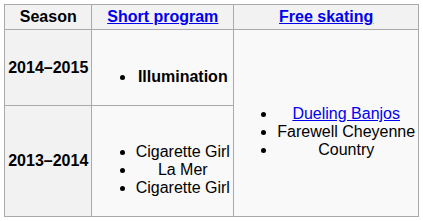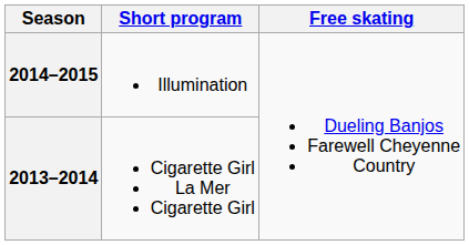 <table class=wikitable style=text-align:center>
 <tr>
 <th>Season</th>
 <th><a href='#'>Short program</a></th>
 <th><a href='#'>Free skating</a></th>
 </tr>
 <tr>
 <th>2014–2015 <br> </th>
-<td><strong><br><ul><li>Illumination <br></li></ul></strong></td>
+<td><br><ul><li>Illumination <br></li></ul></td>
 <td rowspan=2><br><ul><li><a href='#'>Dueling Banjos</a></li><li>Farewell Cheyenne <br></li><li>Country <br></li></ul></td>
 </tr>
 <tr>
 <th>2013–2014 <br> </th>
 <td><br><ul><li>Cigarette Girl <br></li><li>La Mer <br></li><li>Cigarette Girl <br></li></ul></td>
 </tr>
 </table>
